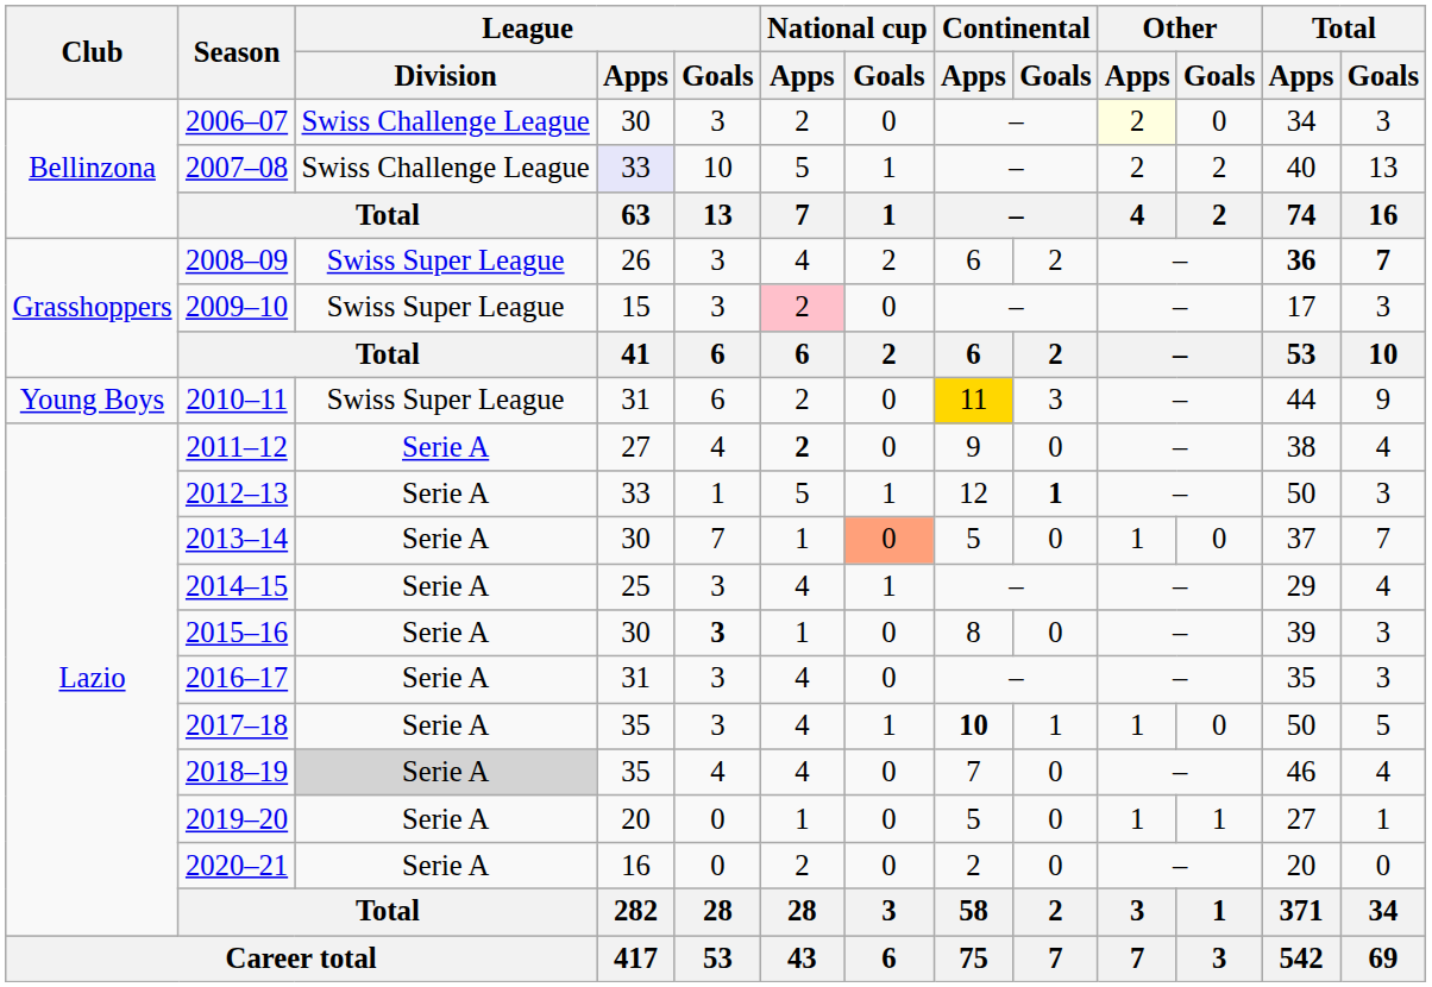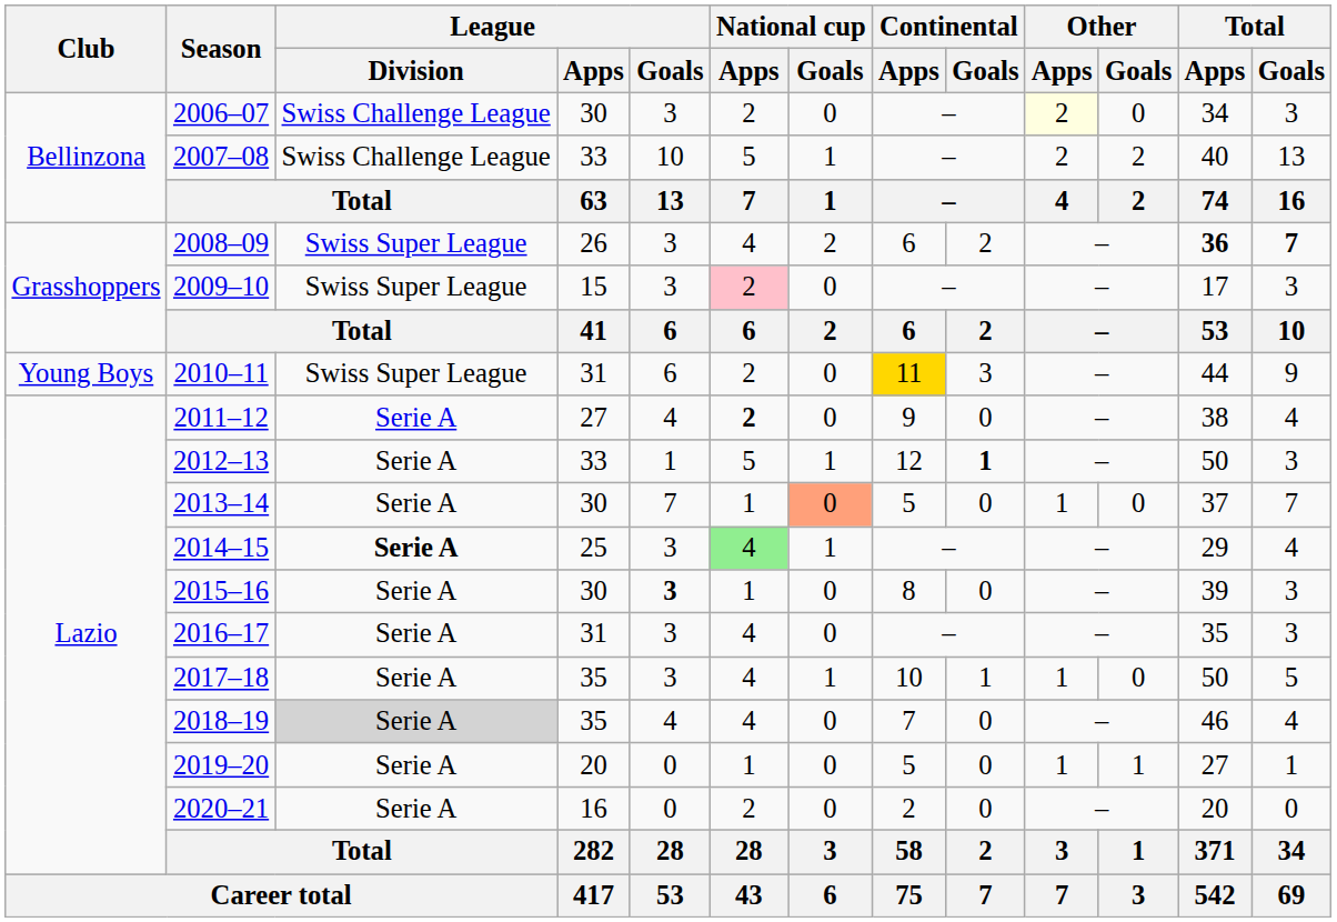 <table class="wikitable" style="text-align:center">
 <tr>
 <th rowspan="2">Club</th>
 <th rowspan="2">Season</th>
 <th colspan="3">League</th>
 <th colspan="2">National cup</th>
 <th colspan="2">Continental</th>
 <th colspan="2">Other</th>
 <th colspan="2">Total</th>
 </tr>
 <tr>
 <th>Division</th>
 <th>Apps</th>
 <th>Goals</th>
 <th>Apps</th>
 <th>Goals</th>
 <th>Apps</th>
 <th>Goals</th>
 <th>Apps</th>
 <th>Goals</th>
 <th>Apps</th>
 <th>Goals</th>
 </tr>
 <tr>
 <td rowspan="3"><a href='#'>Bellinzona</a></td>
 <td><a href='#'>2006–07</a></td>
 <td><a href='#'>Swiss Challenge League</a></td>
 <td>30</td>
 <td>3</td>
 <td>2</td>
 <td>0</td>
 <td colspan="2">–</td>
 <td style="background: lightyellow;">2</td>
 <td>0</td>
 <td>34</td>
 <td>3</td>
 </tr>
 <tr>
 <td><a href='#'>2007–08</a></td>
 <td>Swiss Challenge League</td>
-<td style="background: lavender;">33</td>
+<td>33</td>
 <td>10</td>
 <td>5</td>
 <td>1</td>
 <td colspan="2">–</td>
 <td>2</td>
 <td>2</td>
 <td>40</td>
 <td>13</td>
 </tr>
 <tr>
 <th colspan="2">Total</th>
 <th>63</th>
 <th>13</th>
 <th>7</th>
 <th>1</th>
 <th colspan="2">–</th>
 <th>4</th>
 <th>2</th>
 <th>74</th>
 <th>16</th>
 </tr>
 <tr>
 <td rowspan="3"><a href='#'>Grasshoppers</a></td>
 <td><a href='#'>2008–09</a></td>
 <td><a href='#'>Swiss Super League</a></td>
 <td>26</td>
 <td>3</td>
 <td>4</td>
 <td>2</td>
 <td>6</td>
 <td>2</td>
 <td colspan="2">–</td>
 <td><strong>36</strong></td>
 <td><strong>7</strong></td>
 </tr>
 <tr>
 <td><a href='#'>2009–10</a></td>
 <td>Swiss Super League</td>
 <td>15</td>
 <td>3</td>
 <td style="background: pink;">2</td>
 <td>0</td>
 <td colspan="2">–</td>
 <td colspan="2">–</td>
 <td>17</td>
 <td>3</td>
 </tr>
 <tr>
 <th colspan="2">Total</th>
 <th>41</th>
 <th>6</th>
 <th>6</th>
 <th>2</th>
 <th>6</th>
 <th>2</th>
 <th colspan="2">–</th>
 <th>53</th>
 <th>10</th>
 </tr>
 <tr>
 <td><a href='#'>Young Boys</a></td>
 <td><a href='#'>2010–11</a></td>
 <td>Swiss Super League</td>
 <td>31</td>
 <td>6</td>
 <td>2</td>
 <td>0</td>
 <td style="background: gold;">11</td>
 <td>3</td>
 <td colspan="2">–</td>
 <td>44</td>
 <td>9</td>
 </tr>
 <tr>
 <td rowspan="11"><a href='#'>Lazio</a></td>
 <td><a href='#'>2011–12</a></td>
 <td><a href='#'>Serie A</a></td>
 <td>27</td>
 <td>4</td>
 <td><strong>2</strong></td>
 <td>0</td>
 <td>9</td>
 <td>0</td>
 <td colspan="2">–</td>
 <td>38</td>
 <td>4</td>
 </tr>
 <tr>
 <td><a href='#'>2012–13</a></td>
 <td>Serie A</td>
 <td>33</td>
 <td>1</td>
 <td>5</td>
 <td>1</td>
 <td>12</td>
 <td><strong>1</strong></td>
 <td colspan="2">–</td>
 <td>50</td>
 <td>3</td>
 </tr>
 <tr>
 <td><a href='#'>2013–14</a></td>
 <td>Serie A</td>
 <td>30</td>
 <td>7</td>
 <td>1</td>
 <td style="background: lightsalmon;">0</td>
 <td>5</td>
 <td>0</td>
 <td>1</td>
 <td>0</td>
 <td>37</td>
 <td>7</td>
 </tr>
 <tr>
 <td><a href='#'>2014–15</a></td>
-<td>Serie A</td>
+<td><strong>Serie A</strong></td>
 <td>25</td>
 <td>3</td>
-<td>4</td>
+<td style="background: lightgreen;">4</td>
 <td>1</td>
 <td colspan="2">–</td>
 <td colspan="2">–</td>
 <td>29</td>
 <td>4</td>
 </tr>
 <tr>
 <td><a href='#'>2015–16</a></td>
 <td>Serie A</td>
 <td>30</td>
 <td><strong>3</strong></td>
 <td>1</td>
 <td>0</td>
 <td>8</td>
 <td>0</td>
 <td colspan="2">–</td>
 <td>39</td>
 <td>3</td>
 </tr>
 <tr>
 <td><a href='#'>2016–17</a></td>
 <td>Serie A</td>
 <td>31</td>
 <td>3</td>
 <td>4</td>
 <td>0</td>
 <td colspan="2">–</td>
 <td colspan="2">–</td>
 <td>35</td>
 <td>3</td>
 </tr>
 <tr>
 <td><a href='#'>2017–18</a></td>
 <td>Serie A</td>
 <td>35</td>
 <td>3</td>
 <td>4</td>
 <td>1</td>
-<td><strong>10</strong></td>
+<td>10</td>
 <td>1</td>
 <td>1</td>
 <td>0</td>
 <td>50</td>
 <td>5</td>
 </tr>
 <tr>
 <td><a href='#'>2018–19</a></td>
 <td style="background: lightgrey;">Serie A</td>
 <td>35</td>
 <td>4</td>
 <td>4</td>
 <td>0</td>
 <td>7</td>
 <td>0</td>
 <td colspan="2">–</td>
 <td>46</td>
 <td>4</td>
 </tr>
 <tr>
 <td><a href='#'>2019–20</a></td>
 <td>Serie A</td>
 <td>20</td>
 <td>0</td>
 <td>1</td>
 <td>0</td>
 <td>5</td>
 <td>0</td>
 <td>1</td>
 <td>1</td>
 <td>27</td>
 <td>1</td>
 </tr>
 <tr>
 <td><a href='#'>2020–21</a></td>
 <td>Serie A</td>
 <td>16</td>
 <td>0</td>
 <td>2</td>
 <td>0</td>
 <td>2</td>
 <td>0</td>
 <td colspan="2">–</td>
 <td>20</td>
 <td>0</td>
 </tr>
 <tr>
 <th colspan="2">Total</th>
 <th>282</th>
 <th>28</th>
 <th>28</th>
 <th>3</th>
 <th>58</th>
 <th>2</th>
 <th>3</th>
 <th>1</th>
 <th>371</th>
 <th>34</th>
 </tr>
 <tr>
 <th colspan="3">Career total</th>
 <th>417</th>
 <th>53</th>
 <th>43</th>
 <th>6</th>
 <th>75</th>
 <th>7</th>
 <th>7</th>
 <th>3</th>
 <th>542</th>
 <th>69</th>
 </tr>
 </table>
